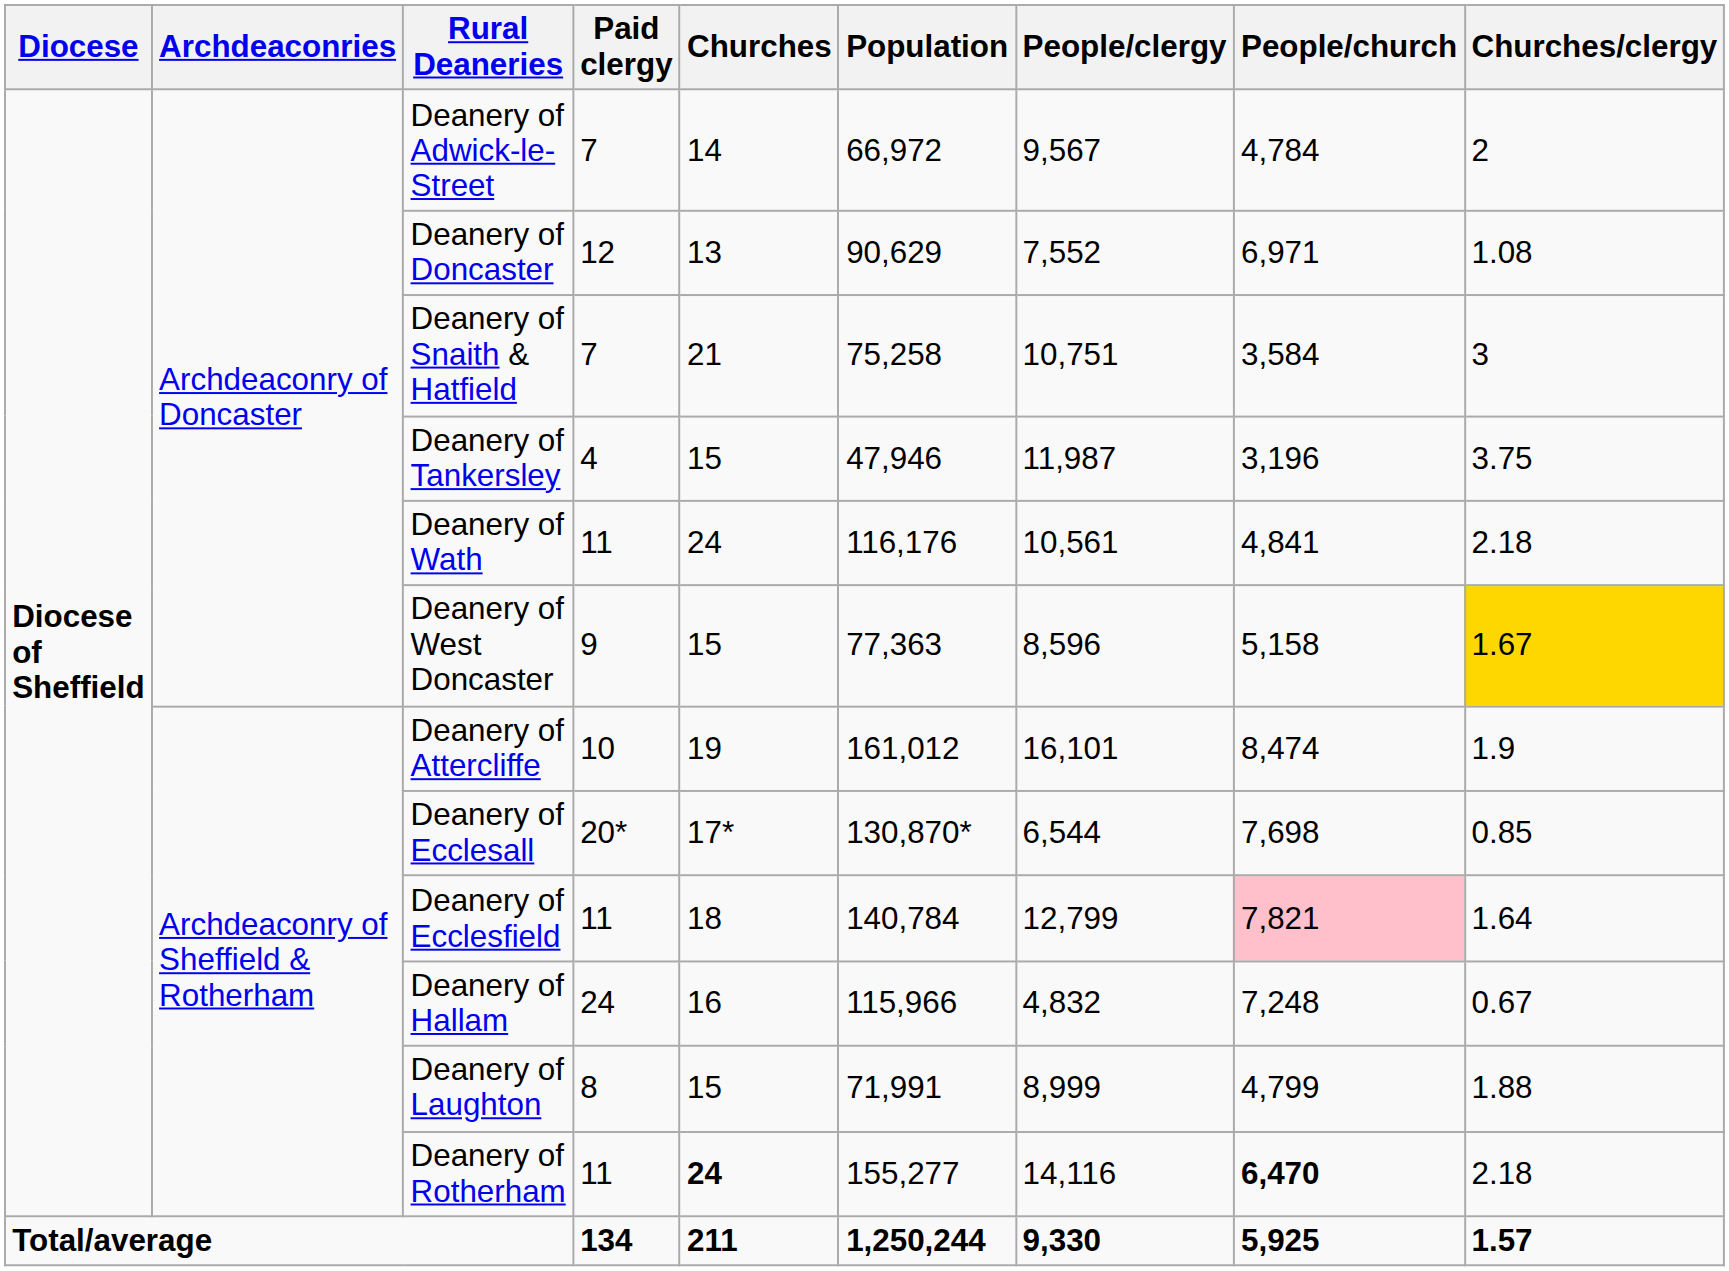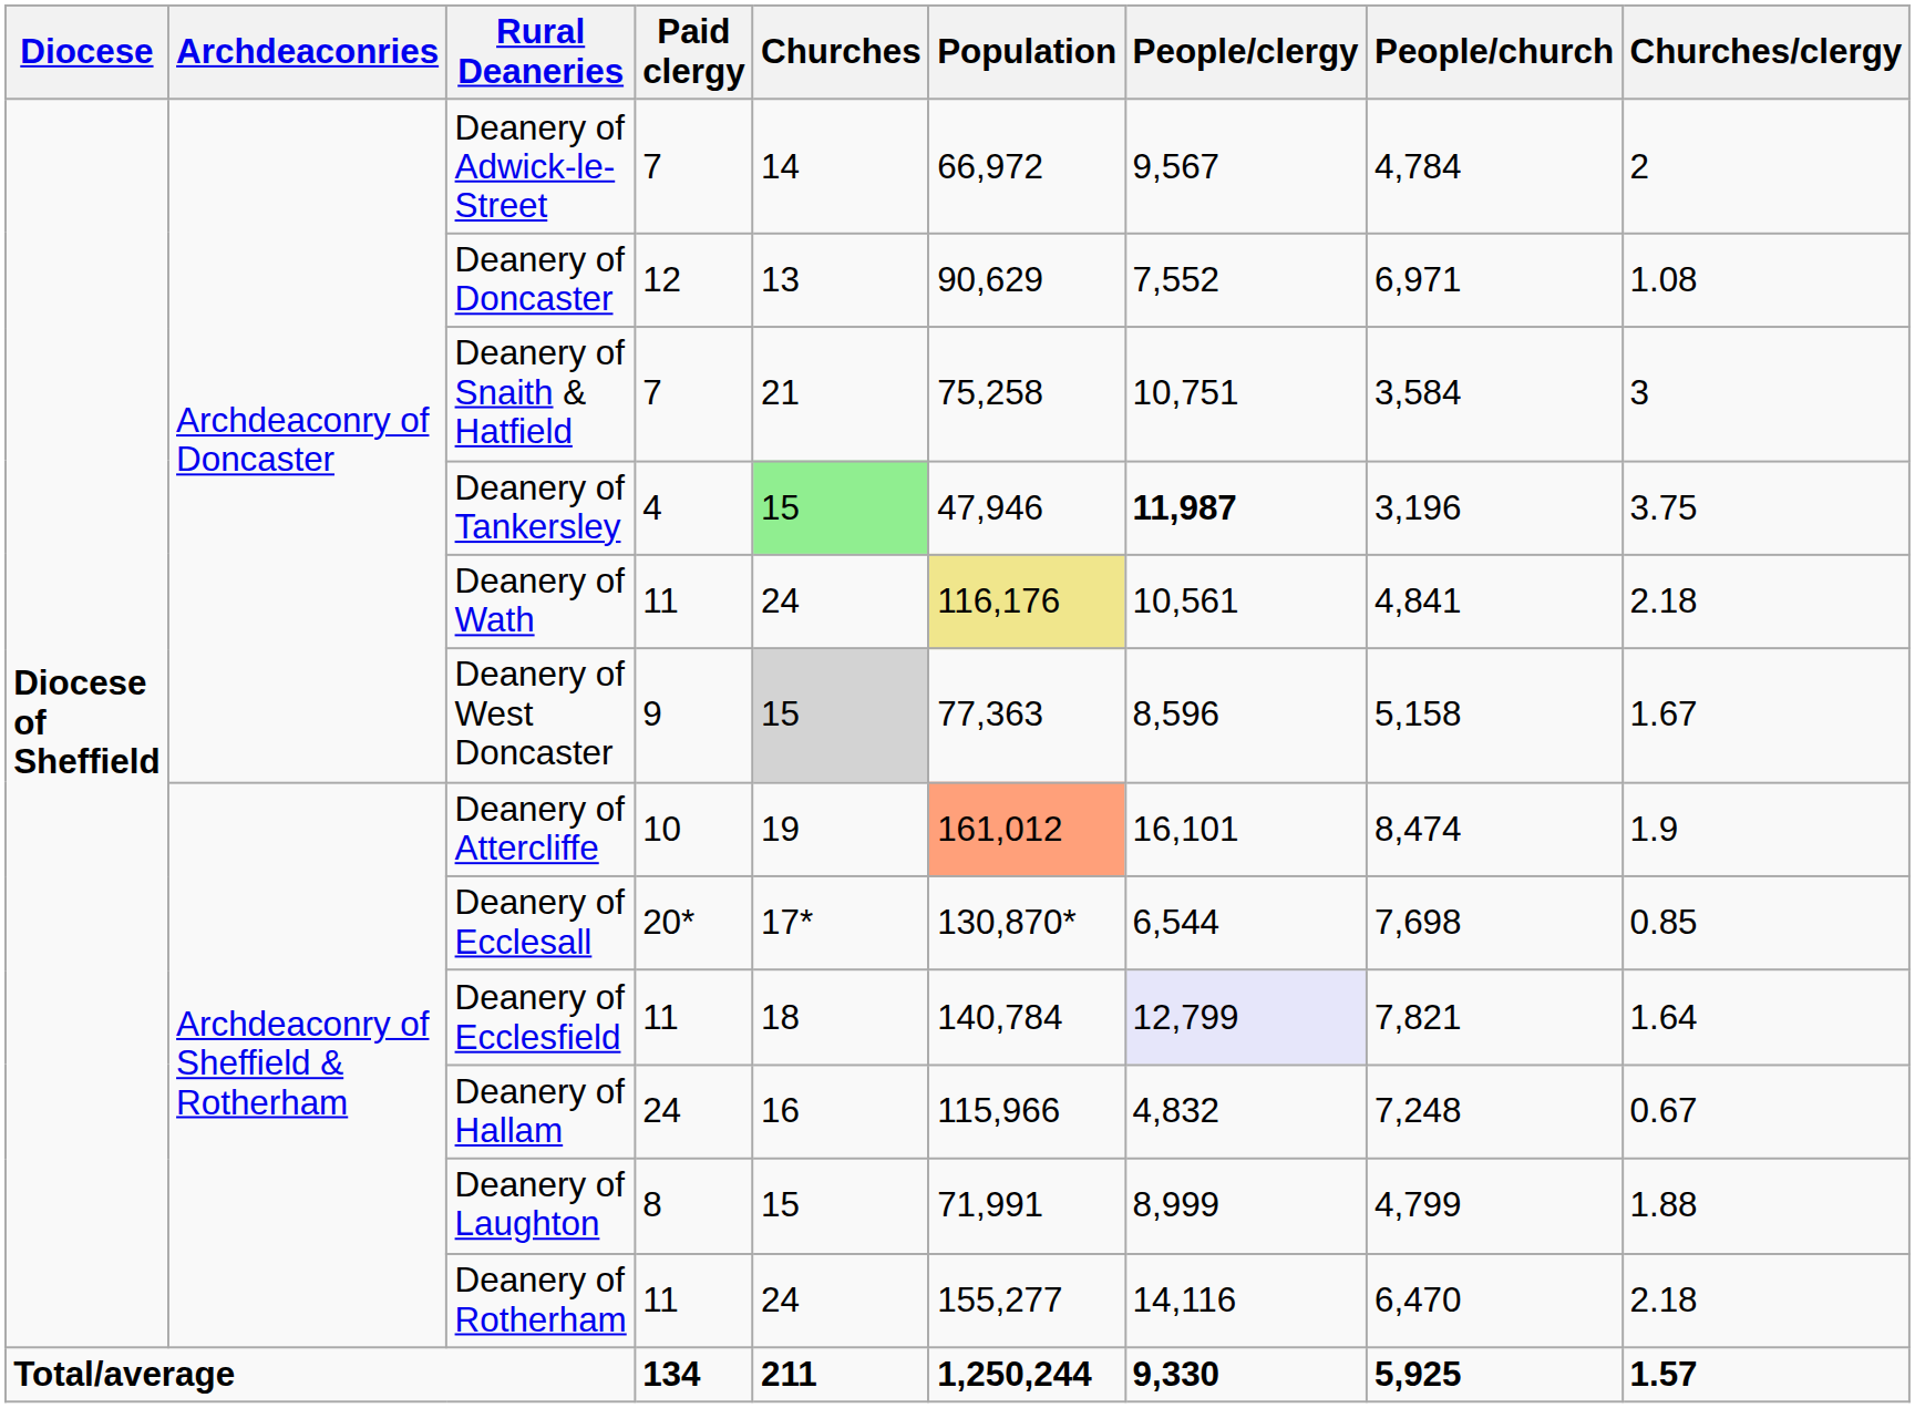 <table class="wikitable sortable">
 <tr>
 <th><a href='#'>Diocese</a></th>
 <th><a href='#'>Archdeaconries</a></th>
 <th><a href='#'>Rural Deaneries</a></th>
 <th>Paid clergy</th>
 <th>Churches</th>
 <th>Population</th>
 <th>People/clergy</th>
 <th>People/church</th>
 <th>Churches/clergy</th>
 </tr>
 <tr>
 <td rowspan="12"><strong>Diocese of Sheffield</strong></td>
 <td rowspan="6"><a href='#'>Archdeaconry of Doncaster</a></td>
 <td>Deanery of <a href='#'>Adwick-le-Street</a></td>
 <td>7</td>
 <td>14</td>
 <td>66,972</td>
 <td>9,567</td>
 <td>4,784</td>
 <td>2</td>
 </tr>
 <tr>
 <td>Deanery of <a href='#'>Doncaster</a></td>
 <td>12</td>
 <td>13</td>
 <td>90,629</td>
 <td>7,552</td>
 <td>6,971</td>
 <td>1.08</td>
 </tr>
 <tr>
 <td>Deanery of <a href='#'>Snaith</a> & <a href='#'>Hatfield</a></td>
 <td>7</td>
 <td>21</td>
 <td>75,258</td>
 <td>10,751</td>
 <td>3,584</td>
 <td>3</td>
 </tr>
 <tr>
 <td>Deanery of <a href='#'>Tankersley</a></td>
 <td>4</td>
-<td>15</td>
+<td style="background: lightgreen;">15</td>
 <td>47,946</td>
-<td>11,987</td>
+<td><strong>11,987</strong></td>
 <td>3,196</td>
 <td>3.75</td>
 </tr>
 <tr>
 <td>Deanery of <a href='#'>Wath</a></td>
 <td>11</td>
 <td>24</td>
-<td>116,176</td>
+<td style="background: khaki;">116,176</td>
 <td>10,561</td>
 <td>4,841</td>
 <td>2.18</td>
 </tr>
 <tr>
 <td>Deanery of West Doncaster</td>
 <td>9</td>
-<td>15</td>
+<td style="background: lightgrey;">15</td>
 <td>77,363</td>
 <td>8,596</td>
 <td>5,158</td>
-<td style="background: gold;">1.67</td>
+<td>1.67</td>
 </tr>
 <tr>
 <td rowspan="6"><a href='#'>Archdeaconry of Sheffield & Rotherham</a></td>
 <td>Deanery of <a href='#'>Attercliffe</a></td>
 <td>10</td>
 <td>19</td>
-<td>161,012</td>
+<td style="background: lightsalmon;">161,012</td>
 <td>16,101</td>
 <td>8,474</td>
 <td>1.9</td>
 </tr>
 <tr>
 <td>Deanery of <a href='#'>Ecclesall</a></td>
 <td>20*</td>
 <td>17*</td>
 <td>130,870*</td>
 <td>6,544</td>
 <td>7,698</td>
 <td>0.85</td>
 </tr>
 <tr>
 <td>Deanery of <a href='#'>Ecclesfield</a></td>
 <td>11</td>
 <td>18</td>
 <td>140,784</td>
-<td>12,799</td>
-<td style="background: pink;">7,821</td>
+<td style="background: lavender;">12,799</td>
+<td>7,821</td>
 <td>1.64</td>
 </tr>
 <tr>
 <td>Deanery of <a href='#'>Hallam</a></td>
 <td>24</td>
 <td>16</td>
 <td>115,966</td>
 <td>4,832</td>
 <td>7,248</td>
 <td>0.67</td>
 </tr>
 <tr>
 <td>Deanery of <a href='#'>Laughton</a></td>
 <td>8</td>
 <td>15</td>
 <td>71,991</td>
 <td>8,999</td>
 <td>4,799</td>
 <td>1.88</td>
 </tr>
 <tr>
 <td>Deanery of <a href='#'>Rotherham</a></td>
 <td>11</td>
-<td><strong>24</strong></td>
+<td>24</td>
 <td>155,277</td>
 <td>14,116</td>
-<td><strong>6,470</strong></td>
+<td>6,470</td>
 <td>2.18</td>
 </tr>
 <tr>
 <td colspan="3"><strong>Total/average</strong></td>
 <td><strong>134</strong></td>
 <td><strong>211</strong></td>
 <td><strong>1,250,244</strong></td>
 <td><strong>9,330</strong></td>
 <td><strong>5,925</strong></td>
 <td><strong>1.57</strong></td>
 </tr>
 </table>
